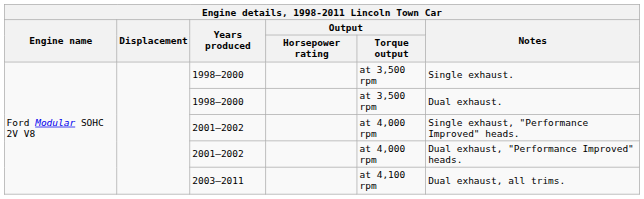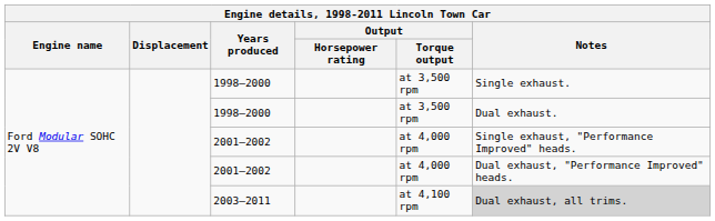 <table class="wikitable">
 <tr>
 <th colspan="6">Engine details, 1998-2011 Lincoln Town Car</th>
 </tr>
 <tr>
 <th rowspan="2">Engine name</th>
 <th rowspan="2">Displacement</th>
 <th rowspan="2">Years produced</th>
 <th colspan="2">Output</th>
 <th rowspan="2">Notes</th>
 </tr>
 <tr>
 <th>Horsepower rating</th>
 <th>Torque output</th>
 </tr>
 <tr>
 <td rowspan="5">Ford <em><a href='#'>Modular</a></em> SOHC 2V V8</td>
 <td rowspan="5"></td>
 <td>1998–2000</td>
 <td></td>
 <td> at 3,500 rpm</td>
 <td>Single exhaust.</td>
 </tr>
 <tr>
 <td>1998–2000</td>
 <td></td>
 <td> at 3,500 rpm</td>
 <td>Dual exhaust.</td>
 </tr>
 <tr>
 <td>2001–2002</td>
 <td></td>
 <td> at 4,000 rpm</td>
 <td>Single exhaust, "Performance Improved" heads.</td>
 </tr>
 <tr>
 <td>2001–2002</td>
 <td></td>
 <td> at 4,000 rpm</td>
 <td>Dual exhaust, "Performance Improved" heads.</td>
 </tr>
 <tr>
 <td>2003–2011</td>
 <td></td>
 <td> at 4,100 rpm</td>
-<td>Dual exhaust, all trims.</td>
+<td style="background: lightgrey;">Dual exhaust, all trims.</td>
 </tr>
 </table>
